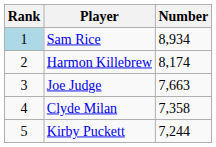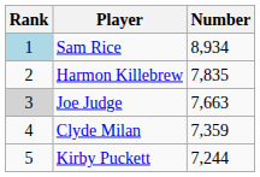 <table class="wikitable" style="font-size: 95%; text-align:left;">
 <tr>
 <th>Rank</th>
 <th>Player</th>
 <th>Number</th>
 </tr>
 <tr>
 <td align="center" style="background: lightblue;">1</td>
 <td><a href='#'>Sam Rice</a></td>
 <td>8,934</td>
 </tr>
 <tr>
 <td align="center">2</td>
 <td><a href='#'>Harmon Killebrew</a></td>
-<td>8,174</td>
+<td>7,835</td>
 </tr>
 <tr>
-<td align="center">3</td>
+<td align="center" style="background: lightgrey;">3</td>
 <td><a href='#'>Joe Judge</a></td>
 <td>7,663</td>
 </tr>
 <tr>
 <td align="center">4</td>
 <td><a href='#'>Clyde Milan</a></td>
-<td>7,358</td>
+<td>7,359</td>
 </tr>
 <tr>
 <td align="center">5</td>
 <td><a href='#'>Kirby Puckett</a></td>
 <td>7,244</td>
 </tr>
 </table>
